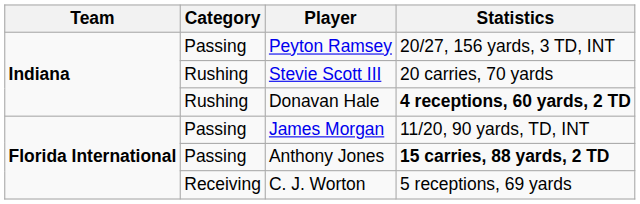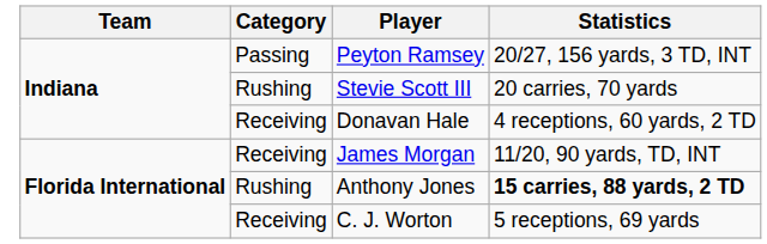 <table class="wikitable" style="float: right;">
 <tr>
 <th>Team</th>
 <th>Category</th>
 <th>Player</th>
 <th>Statistics</th>
 </tr>
 <tr>
 <td rowspan=3><strong>Indiana</strong></td>
 <td>Passing</td>
 <td><a href='#'>Peyton Ramsey</a></td>
 <td>20/27, 156 yards, 3 TD, INT</td>
 </tr>
 <tr>
 <td>Rushing</td>
 <td><a href='#'>Stevie Scott III</a></td>
 <td>20 carries, 70 yards</td>
 </tr>
 <tr>
-<td>Rushing</td>
+<td>Receiving</td>
 <td>Donavan Hale</td>
-<td><strong>4 receptions, 60 yards, 2 TD</strong></td>
+<td>4 receptions, 60 yards, 2 TD</td>
 </tr>
 <tr>
 <td rowspan=3><strong>Florida International</strong></td>
-<td>Passing</td>
+<td>Receiving</td>
 <td><a href='#'>James Morgan</a></td>
 <td>11/20, 90 yards, TD, INT</td>
 </tr>
 <tr>
-<td>Passing</td>
+<td>Rushing</td>
 <td>Anthony Jones</td>
 <td><strong>15 carries, 88 yards, 2 TD</strong></td>
 </tr>
 <tr>
 <td>Receiving</td>
 <td>C. J. Worton</td>
 <td>5 receptions, 69 yards</td>
 </tr>
 </table>
